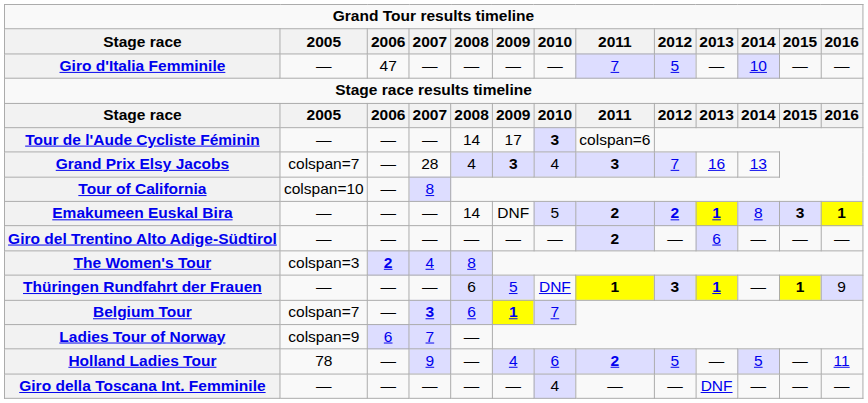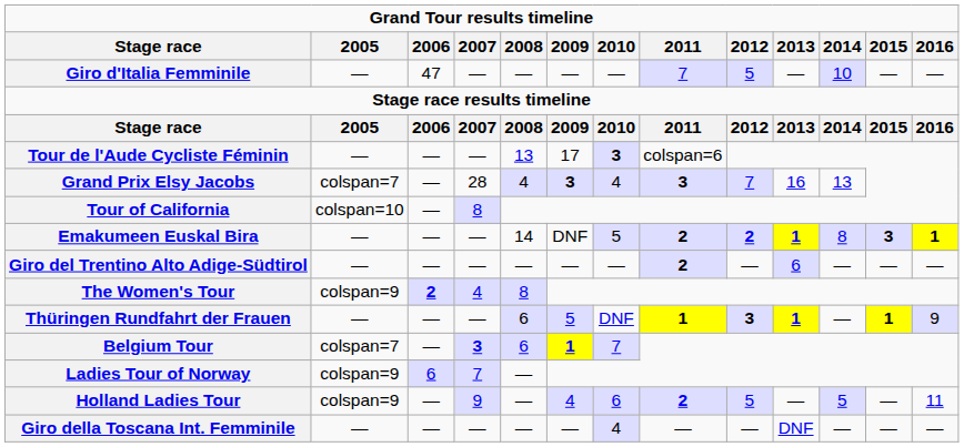 <table class="wikitable plainrowheaders">
 <tr>
 <td colspan=14 align=center><strong>Grand Tour results timeline</strong></td>
 </tr>
 <tr style="background:#EEEEEE;">
 <th>Stage race</th>
 <th>2005</th>
 <th>2006</th>
 <th>2007</th>
 <th>2008</th>
 <th>2009</th>
 <th>2010</th>
 <th>2011</th>
 <th>2012</th>
 <th>2013</th>
 <th>2014</th>
 <th>2015</th>
 <th>2016</th>
 </tr>
 <tr style="text-align:center;">
 <th scope="row"><a href='#'>Giro d'Italia Femminile</a></th>
 <td>—</td>
 <td>47</td>
 <td>—</td>
 <td>—</td>
 <td>—</td>
 <td>—</td>
 <td style="background:#ddf;"><a href='#'>7</a></td>
 <td style="background:#ddf;"><a href='#'>5</a></td>
 <td>—</td>
 <td style="background:#ddf;"><a href='#'>10</a></td>
 <td>—</td>
 <td>—</td>
 </tr>
 <tr>
 <td colspan=14 align=center><strong>Stage race results timeline</strong></td>
 </tr>
 <tr style="background:#EEEEEE;">
 <th>Stage race</th>
 <th>2005</th>
 <th>2006</th>
 <th>2007</th>
 <th>2008</th>
 <th>2009</th>
 <th>2010</th>
 <th>2011</th>
 <th>2012</th>
 <th>2013</th>
 <th>2014</th>
 <th>2015</th>
 <th>2016</th>
 </tr>
 <tr style="text-align:center;">
 <th scope="row"><a href='#'>Tour de l'Aude Cycliste Féminin</a></th>
 <td>—</td>
 <td>—</td>
 <td>—</td>
-<td>14</td>
+<td><a href='#'>13</a></td>
 <td>17</td>
 <td style="background:#ddf;"><strong>3</strong></td>
 <td>colspan=6 </td>
 </tr>
 <tr style="text-align:center;">
 <th scope="row"><a href='#'>Grand Prix Elsy Jacobs</a></th>
 <td>colspan=7 </td>
 <td>—</td>
 <td>28</td>
 <td style="background:#ddf;">4</td>
 <td style="background:#ddf;"><strong>3</strong></td>
 <td style="background:#ddf;">4</td>
 <td style="background:#ddf;"><strong>3</strong></td>
 <td style="background:#ddf;"><a href='#'>7</a></td>
 <td><a href='#'>16</a></td>
 <td><a href='#'>13</a></td>
 </tr>
 <tr style="text-align:center;">
 <th scope="row"><a href='#'>Tour of California</a></th>
 <td>colspan=10 </td>
 <td>—</td>
 <td style="background:#ddf;"><a href='#'>8</a></td>
 </tr>
 <tr style="text-align:center;">
 <th scope="row"><a href='#'>Emakumeen Euskal Bira</a></th>
 <td>—</td>
 <td>—</td>
 <td>—</td>
 <td>14</td>
 <td>DNF</td>
 <td style="background:#ddf;">5</td>
 <td style="background:#ddf;"><strong>2</strong></td>
 <td style="background:#ddf;"><a href='#'><strong>2</strong></a></td>
 <td style="background:yellow;"><a href='#'><strong>1</strong></a></td>
 <td style="background:#ddf;"><a href='#'>8</a></td>
 <td style="background:#ddf;"><strong>3</strong></td>
 <td style="background:yellow;"><strong>1</strong></td>
 </tr>
 <tr style="text-align:center;">
 <th scope="row"><a href='#'>Giro del Trentino Alto Adige-Südtirol</a></th>
 <td>—</td>
 <td>—</td>
 <td>—</td>
 <td>—</td>
 <td>—</td>
 <td>—</td>
 <td style="background:#ddf;"><strong>2</strong></td>
 <td>—</td>
 <td style="background:#ddf;"><a href='#'>6</a></td>
 <td>—</td>
 <td>—</td>
 <td>—</td>
 </tr>
 <tr style="text-align:center;">
 <th scope="row"><a href='#'>The Women's Tour</a></th>
-<td>colspan=3 </td>
+<td>colspan=9 </td>
 <td style="background:#ddf;"><a href='#'><strong>2</strong></a></td>
 <td style="background:#ddf;"><a href='#'>4</a></td>
 <td style="background:#ddf;"><a href='#'>8</a></td>
 </tr>
 <tr style="text-align:center;">
 <th scope="row"><a href='#'>Thüringen Rundfahrt der Frauen</a></th>
 <td>—</td>
 <td>—</td>
 <td>—</td>
 <td style="background:#ddf;">6</td>
 <td style="background:#ddf;"><a href='#'>5</a></td>
 <td><a href='#'>DNF</a></td>
 <td style="background:yellow;"><strong>1</strong></td>
 <td style="background:#ddf;"><strong>3</strong></td>
 <td style="background:yellow;"><a href='#'><strong>1</strong></a></td>
 <td>—</td>
 <td style="background:yellow;"><strong>1</strong></td>
 <td style="background:#ddf;">9</td>
 </tr>
 <tr style="text-align:center;">
 <th scope="row"><a href='#'>Belgium Tour</a></th>
 <td>colspan=7 </td>
 <td>—</td>
 <td style="background:#ddf;"><a href='#'><strong>3</strong></a></td>
 <td style="background:#ddf;"><a href='#'>6</a></td>
 <td style="background:yellow;"><a href='#'><strong>1</strong></a></td>
 <td style="background:#ddf;"><a href='#'>7</a></td>
 </tr>
 <tr style="text-align:center;">
 <th scope="row"><a href='#'>Ladies Tour of Norway</a></th>
 <td>colspan=9 </td>
 <td style="background:#ddf;"><a href='#'>6</a></td>
 <td style="background:#ddf;"><a href='#'>7</a></td>
 <td>—</td>
 </tr>
 <tr style="text-align:center;">
 <th scope="row"><a href='#'>Holland Ladies Tour</a></th>
-<td>78</td>
+<td>colspan=9 </td>
 <td>—</td>
 <td style="background:#ddf;"><a href='#'>9</a></td>
 <td>—</td>
 <td style="background:#ddf;"><a href='#'>4</a></td>
 <td style="background:#ddf;"><a href='#'>6</a></td>
 <td style="background:#ddf;"><a href='#'><strong>2</strong></a></td>
 <td style="background:#ddf;"><a href='#'>5</a></td>
 <td>—</td>
 <td style="background:#ddf;"><a href='#'>5</a></td>
 <td>—</td>
 <td><a href='#'>11</a></td>
 </tr>
 <tr style="text-align:center;">
 <th scope="row"><a href='#'>Giro della Toscana Int. Femminile</a></th>
 <td>—</td>
 <td>—</td>
 <td>—</td>
 <td>—</td>
 <td>—</td>
 <td style="background:#ddf;">4</td>
 <td>—</td>
 <td>—</td>
 <td><a href='#'>DNF</a></td>
 <td>—</td>
 <td>—</td>
 <td>—</td>
 </tr>
 </table>
